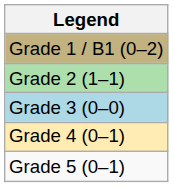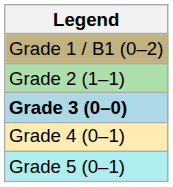 <table class="wikitable" style="font-size:85%;">
 <tr>
 <th>Legend</th>
 </tr>
 <tr bgcolor="C2B280">
 <td>Grade 1 / B1 (0–2)</td>
 </tr>
 <tr bgcolor="ADDFAD">
 <td>Grade 2 (1–1)</td>
 </tr>
 <tr bgcolor="lightblue">
-<td>Grade 3 (0–0)</td>
+<td><strong>Grade 3 (0–0)</strong></td>
 </tr>
 <tr bgcolor="ffecb2">
 <td>Grade 4 (0–1)</td>
 </tr>
 <tr>
-<td>Grade 5 (0–1)</td>
+<td style="background: paleturquoise;">Grade 5 (0–1)</td>
 </tr>
 </table>
